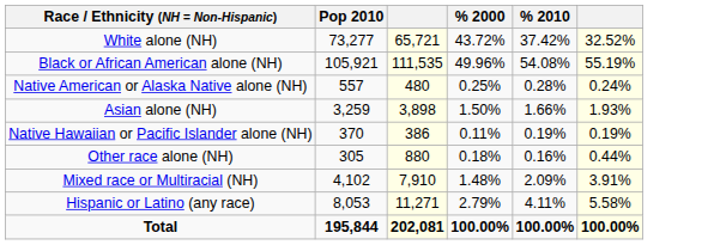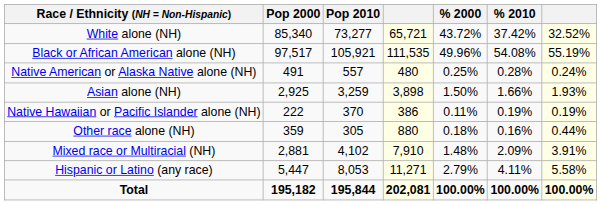 <table class="wikitable"  style="text-align:center;">
 <tr>
 <th>Race / Ethnicity <small>(<em>NH = Non-Hispanic</em>)</small></th>
+<th>Pop 2000</th>
 <th>Pop 2010</th>
 <th></th>
 <th>% 2000</th>
 <th>% 2010</th>
 <th></th>
 </tr>
 <tr>
 <td><a href='#'>White</a> alone (NH)</td>
+<td>85,340</td>
 <td>73,277</td>
 <td style='background: #ffffe6;'>65,721</td>
 <td>43.72%</td>
 <td>37.42%</td>
 <td style='background: #ffffe6;'>32.52%</td>
 </tr>
 <tr>
 <td><a href='#'>Black or African American</a> alone (NH)</td>
+<td>97,517</td>
 <td>105,921</td>
 <td style='background: #ffffe6;'>111,535</td>
 <td>49.96%</td>
 <td>54.08%</td>
 <td style='background: #ffffe6;'>55.19%</td>
 </tr>
 <tr>
 <td><a href='#'>Native American</a> or <a href='#'>Alaska Native</a> alone (NH)</td>
+<td>491</td>
 <td>557</td>
 <td style='background: #ffffe6;'>480</td>
 <td>0.25%</td>
 <td>0.28%</td>
 <td style='background: #ffffe6;'>0.24%</td>
 </tr>
 <tr>
 <td><a href='#'>Asian</a> alone (NH)</td>
+<td>2,925</td>
 <td>3,259</td>
 <td style='background: #ffffe6;'>3,898</td>
 <td>1.50%</td>
 <td>1.66%</td>
 <td style='background: #ffffe6;'>1.93%</td>
 </tr>
 <tr>
 <td><a href='#'>Native Hawaiian</a> or <a href='#'>Pacific Islander</a> alone (NH)</td>
+<td>222</td>
 <td>370</td>
 <td style='background: #ffffe6;'>386</td>
 <td>0.11%</td>
 <td>0.19%</td>
 <td style='background: #ffffe6;'>0.19%</td>
 </tr>
 <tr>
 <td><a href='#'>Other race</a> alone (NH)</td>
+<td>359</td>
 <td>305</td>
 <td style='background: #ffffe6;'>880</td>
 <td>0.18%</td>
 <td>0.16%</td>
 <td style='background: #ffffe6;'>0.44%</td>
 </tr>
 <tr>
 <td><a href='#'>Mixed race or Multiracial</a> (NH)</td>
+<td>2,881</td>
 <td>4,102</td>
 <td style='background: #ffffe6;'>7,910</td>
 <td>1.48%</td>
 <td>2.09%</td>
 <td style='background: #ffffe6;'>3.91%</td>
 </tr>
 <tr>
 <td><a href='#'>Hispanic or Latino</a> (any race)</td>
+<td>5,447</td>
 <td>8,053</td>
 <td style='background: #ffffe6;'>11,271</td>
 <td>2.79%</td>
 <td>4.11%</td>
 <td style='background: #ffffe6;'>5.58%</td>
 </tr>
 <tr>
 <td><strong>Total</strong></td>
+<td><strong>195,182</strong></td>
 <td><strong>195,844</strong></td>
 <td style='background: #ffffe6;'><strong>202,081</strong></td>
 <td><strong>100.00%</strong></td>
 <td><strong>100.00%</strong></td>
 <td style='background: #ffffe6;'><strong>100.00%</strong></td>
 </tr>
 </table>
